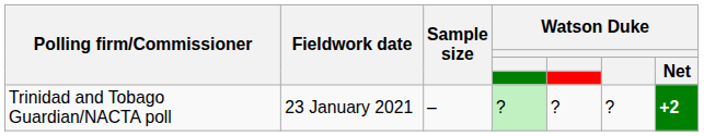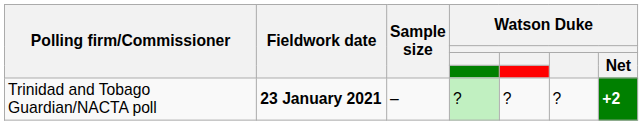 <table class="wikitable style="text-align:center; font-size:90%; line-height:14px;">
 <tr style="height:42px;">
 <th style="width:250px;" rowspan="4">Polling firm/Commissioner</th>
 <th style="width:125px;" rowspan="4">Fieldwork date</th>
 <th style="width:50px;" rowspan="4">Sample size</th>
 <th style="width:185px;" colspan="4">Watson Duke <br></th>
 </tr>
 <tr>
 <th colspan="4" style="background:"></th>
 </tr>
 <tr>
 <th style="width:40px;"></th>
 <th style="width:40px;"></th>
 <th style="width:40px;" rowspan="2"></th>
 <th style="width:30px;" rowspan="2">Net</th>
 </tr>
 <tr>
 <th style="color:inherit;background:#008000;"></th>
 <th style="color:inherit;background:#FF0000;"></th>
 </tr>
 <tr>
 <td>Trinidad and Tobago Guardian/NACTA poll</td>
-<td>23 January 2021</td>
+<td><strong>23 January 2021</strong></td>
 <td>–</td>
 <td style="background:#C1F0C1;">?</td>
 <td>?</td>
 <td>?</td>
 <td style="background:#008000; color:white;"><strong>+2</strong></td>
 </tr>
 </table>
